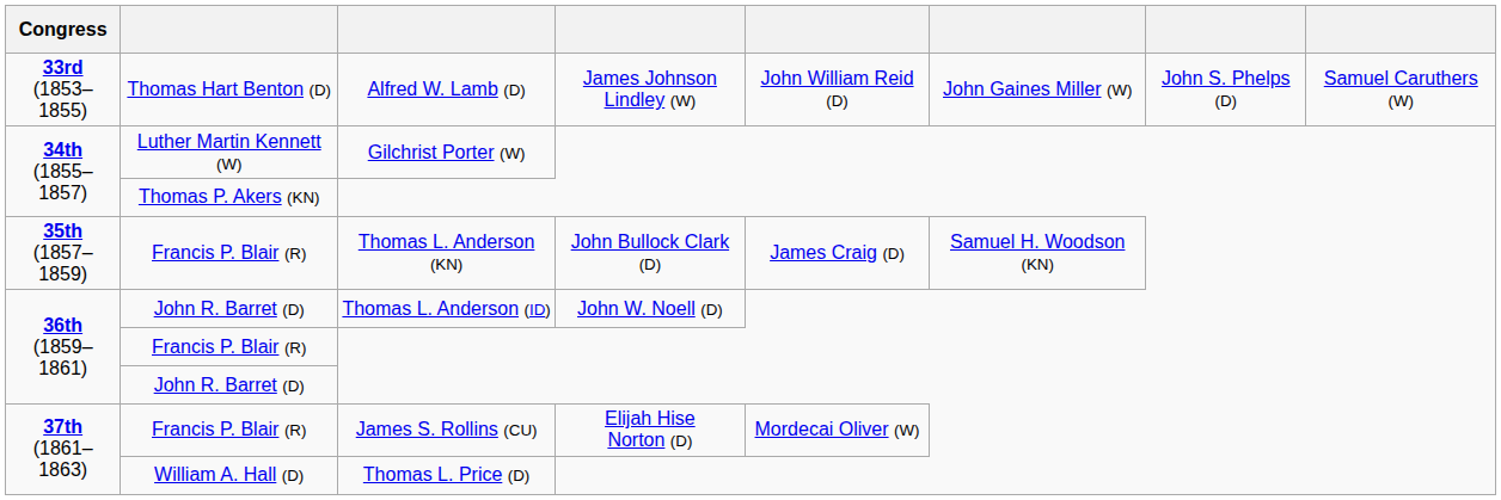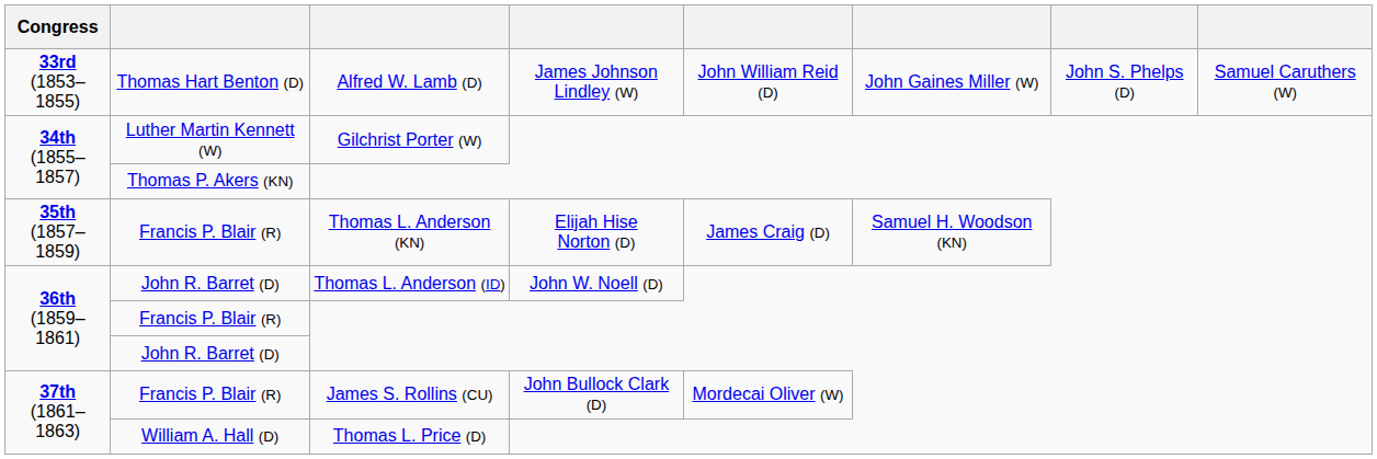 <table class=wikitable style="text-align:center">
 <tr style="height:2.5em">
 <th>Cong­ress</th>
 <th></th>
 <th></th>
 <th></th>
 <th></th>
 <th></th>
 <th></th>
 <th></th>
 </tr>
 <tr style="height:2em">
 <td><strong><a href='#'>33rd</a></strong><br>(1853–1855)</td>
 <td><a href='#'>Thomas Hart Benton</a> <small>(D)</small></td>
 <td><a href='#'>Alfred W. Lamb</a> <small>(D)</small></td>
 <td><a href='#'>James Johnson<br>Lindley</a> <small>(W)</small></td>
 <td><a href='#'>John William Reid</a> <small>(D)</small></td>
 <td><a href='#'>John Gaines Miller</a> <small>(W)</small></td>
 <td><a href='#'>John S. Phelps</a> <small>(D)</small></td>
 <td><a href='#'>Samuel Caruthers</a> <small>(W)</small></td>
 </tr>
 <tr style="height:2em">
 <td rowspan=2><strong><a href='#'>34th</a></strong><br>(1855–1857)</td>
 <td><a href='#'>Luther Martin Kennett</a> <small>(W)</small></td>
 <td><a href='#'>Gilchrist Porter</a> <small>(W)</small></td>
 </tr>
 <tr style="height:2em">
 <td><a href='#'>Thomas P. Akers</a> <small>(KN)</small></td>
 </tr>
 <tr style="height:2em">
 <td><strong><a href='#'>35th</a></strong><br>(1857–1859)</td>
 <td><a href='#'>Francis P. Blair</a> <small>(R)</small></td>
 <td><a href='#'>Thomas L. Anderson</a> <small>(KN)</small></td>
-<td><a href='#'>John Bullock Clark</a> <small>(D)</small></td>
+<td><a href='#'>Elijah Hise<br>Norton</a> <small>(D)</small></td>
 <td><a href='#'>James Craig</a> <small>(D)</small></td>
 <td><a href='#'>Samuel H. Woodson</a> <small>(KN)</small></td>
 </tr>
 <tr style="height:2em">
 <td rowspan=3><strong><a href='#'>36th</a></strong><br>(1859–1861)</td>
 <td><a href='#'>John R. Barret</a> <small>(D)</small></td>
 <td><a href='#'>Thomas L. Anderson</a> <small>(<a href='#'>ID</a>)</small></td>
 <td><a href='#'>John W. Noell</a> <small>(D)</small></td>
 </tr>
 <tr style="height:2em">
 <td><a href='#'>Francis P. Blair</a> <small>(R)</small></td>
 </tr>
 <tr style="height:2em">
 <td><a href='#'>John R. Barret</a> <small>(D)</small></td>
 </tr>
 <tr style="height:2em">
 <td rowspan=2><strong><a href='#'>37th</a></strong><br>(1861–1863)</td>
 <td><a href='#'>Francis P. Blair</a> <small>(R)</small></td>
 <td><a href='#'>James S. Rollins</a> <small>(CU)</small></td>
-<td><a href='#'>Elijah Hise<br>Norton</a> <small>(D)</small></td>
+<td><a href='#'>John Bullock Clark</a> <small>(D)</small></td>
 <td><a href='#'>Mordecai Oliver</a> <small>(W)</small></td>
 </tr>
 <tr style="height:2em">
 <td><a href='#'>William A. Hall</a> <small>(D)</small></td>
 <td><a href='#'>Thomas L. Price</a> <small>(D)</small></td>
 </tr>
 </table>
